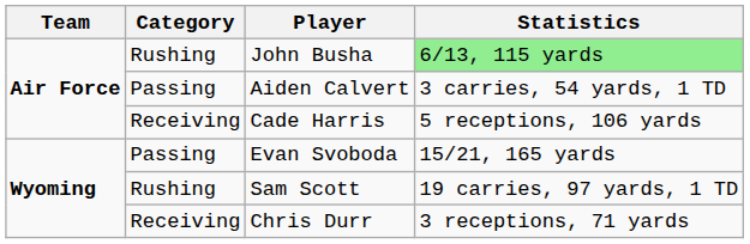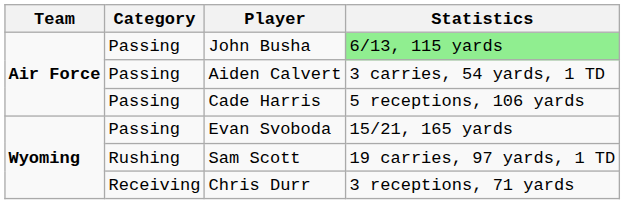 <table class="wikitable" style="float: right;">
 <tr>
 <th>Team</th>
 <th>Category</th>
 <th>Player</th>
 <th>Statistics</th>
 </tr>
 <tr>
 <td rowspan=3><strong>Air Force</strong></td>
-<td>Rushing</td>
+<td>Passing</td>
 <td>John Busha</td>
 <td style="background: lightgreen;">6/13, 115 yards</td>
 </tr>
 <tr>
 <td>Passing</td>
 <td>Aiden Calvert</td>
 <td>3 carries, 54 yards, 1 TD</td>
 </tr>
 <tr>
-<td>Receiving</td>
+<td>Passing</td>
 <td>Cade Harris</td>
 <td>5 receptions, 106 yards</td>
 </tr>
 <tr>
 <td rowspan=3><strong>Wyoming</strong></td>
 <td>Passing</td>
 <td>Evan Svoboda</td>
 <td>15/21, 165 yards</td>
 </tr>
 <tr>
 <td>Rushing</td>
 <td>Sam Scott</td>
 <td>19 carries, 97 yards, 1 TD</td>
 </tr>
 <tr>
 <td>Receiving</td>
 <td>Chris Durr</td>
 <td>3 receptions, 71 yards</td>
 </tr>
 </table>
